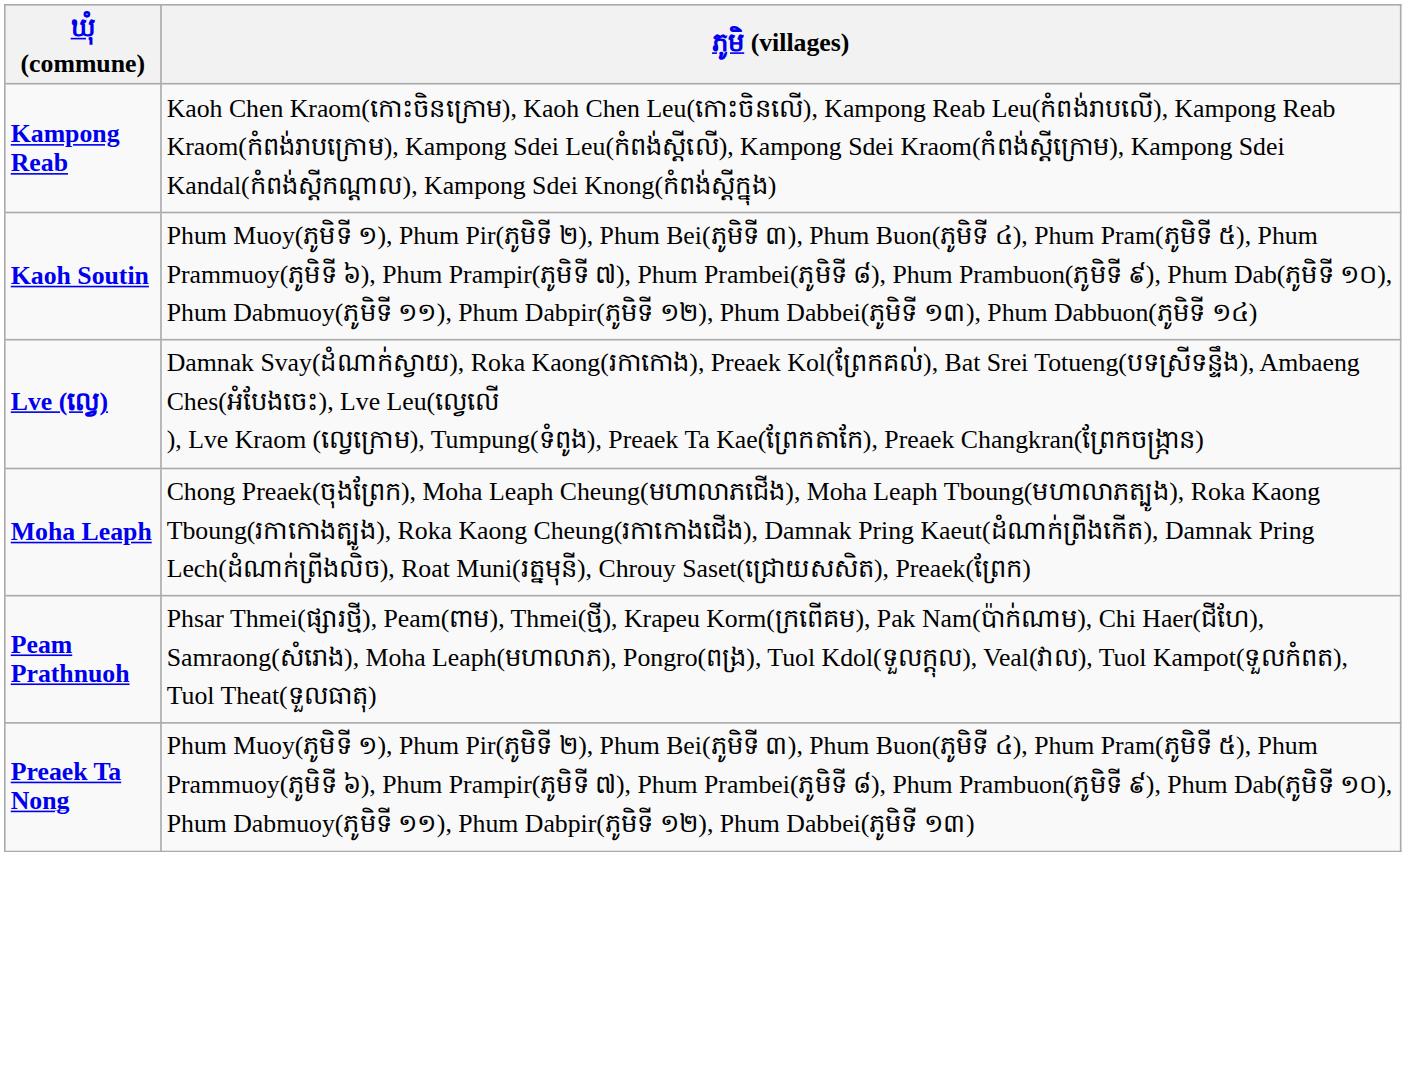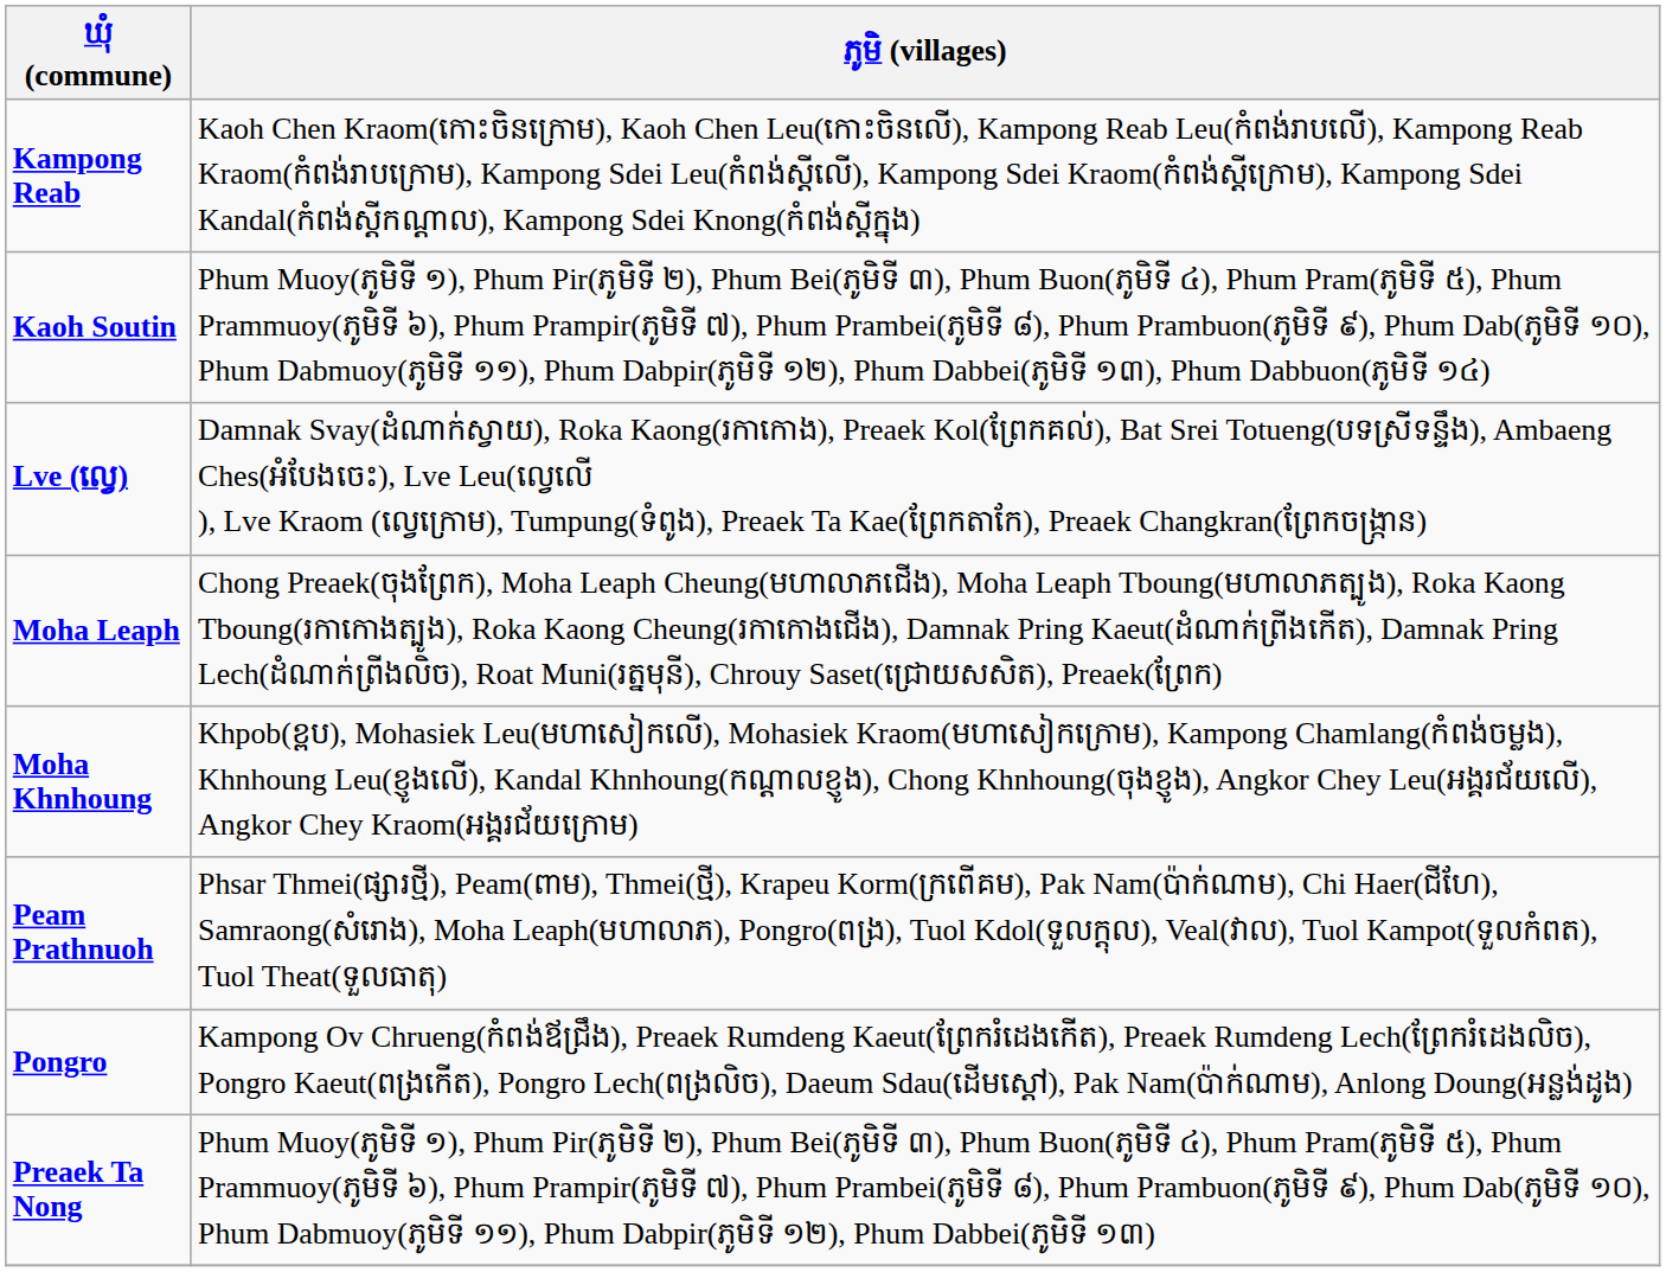 <table class="wikitable">
 <tr>
 <th><a href='#'>ឃុំ</a> (commune)</th>
 <th><a href='#'>ភូមិ</a> (villages)</th>
 </tr>
 <tr>
 <td><strong><a href='#'>Kampong Reab</a></strong></td>
 <td>Kaoh Chen Kraom(កោះចិនក្រោម), Kaoh Chen Leu(កោះចិនលើ), Kampong Reab Leu(កំពង់រាបលើ), Kampong Reab Kraom(កំពង់រាបក្រោម), Kampong Sdei Leu(កំពង់ស្ដីលើ), Kampong Sdei Kraom(កំពង់ស្ដីក្រោម), Kampong Sdei Kandal(កំពង់ស្ដីកណ្ដាល), Kampong Sdei Knong(កំពង់ស្ដីក្នុង)</td>
 </tr>
 <tr>
 <td><strong><a href='#'>Kaoh Soutin</a></strong></td>
 <td>Phum Muoy(ភូមិទី ១), Phum Pir(ភូមិទី ២), Phum Bei(ភូមិទី ៣), Phum Buon(ភូមិទី ៤), Phum Pram(ភូមិទី ៥), Phum Prammuoy(ភូមិទី ៦), Phum Prampir(ភូមិទី ៧), Phum Prambei(ភូមិទី ៨), Phum Prambuon(ភូមិទី ៩), Phum Dab(ភូមិទី ១០), Phum Dabmuoy(ភូមិទី ១១), Phum Dabpir(ភូមិទី ១២), Phum Dabbei(ភូមិទី ១៣), Phum Dabbuon(ភូមិទី ១៤)</td>
 </tr>
 <tr>
 <td><strong><a href='#'>Lve (ល្វេ)</a></strong></td>
 <td>Damnak Svay(ដំណាក់ស្វាយ), Roka Kaong(រកាកោង), Preaek Kol(ព្រែកគល់), Bat Srei Totueng(បទស្រីទន្ទឹង), Ambaeng Ches(អំបែងចេះ), Lve Leu(ល្វេលើ<br>), Lve Kraom (ល្វេក្រោម), Tumpung(ទំពូង), Preaek Ta Kae(ព្រែកតាកែ), Preaek Changkran(ព្រែកចង្ក្រាន)</td>
 </tr>
 <tr>
 <td><strong><a href='#'>Moha Leaph</a></strong></td>
 <td>Chong Preaek(ចុងព្រែក), Moha Leaph Cheung(មហាលាភជើង), Moha Leaph Tboung(មហាលាភត្បូង), Roka Kaong Tboung(រកាកោងត្បូង), Roka Kaong Cheung(រកាកោងជើង), Damnak Pring Kaeut(ដំណាក់ព្រីងកើត), Damnak Pring Lech(ដំណាក់ព្រីងលិច), Roat Muni(រត្នមុនី), Chrouy Saset(ជ្រោយសសិត), Preaek(ព្រែក)</td>
 </tr>
 <tr>
+<td><strong><a href='#'>Moha Khnhoung</a></strong></td>
+<td>Khpob(ខ្ពប), Mohasiek Leu(មហាសៀកលើ), Mohasiek Kraom(មហាសៀកក្រោម), Kampong Chamlang(កំពង់ចម្លង), Khnhoung Leu(ខ្ញូងលើ), Kandal Khnhoung(កណ្ដាលខ្ញូង), Chong Khnhoung(ចុងខ្ញូង), Angkor Chey Leu(អង្គរជ័យលើ), Angkor Chey Kraom(អង្គរជ័យក្រោម)</td>
+</tr>
+<tr>
 <td><strong><a href='#'>Peam Prathnuoh</a></strong></td>
 <td>Phsar Thmei(ផ្សារថ្មី), Peam(ពាម), Thmei(ថ្មី), Krapeu Korm(ក្រពើគម), Pak Nam(ប៉ាក់ណាម), Chi Haer(ជីហែ), Samraong(សំរោង), Moha Leaph(មហាលាភ), Pongro(ពង្រ), Tuol Kdol(ទួលក្ដុល), Veal(វាល), Tuol Kampot(ទួលកំពត), Tuol Theat(ទួលធាតុ)</td>
+</tr>
+<tr>
+<td><strong><a href='#'>Pongro</a></strong></td>
+<td>Kampong Ov Chrueng(កំពង់ឪជ្រឹង), Preaek Rumdeng Kaeut(ព្រែករំដេងកើត), Preaek Rumdeng Lech(ព្រែករំដេងលិច), Pongro Kaeut(ពង្រកើត), Pongro Lech(ពង្រលិច), Daeum Sdau(ដើមស្ដៅ), Pak Nam(ប៉ាក់ណាម), Anlong Doung(អន្លង់ដូង)</td>
 </tr>
 <tr>
 <td><strong><a href='#'>Preaek Ta Nong</a></strong></td>
 <td>Phum Muoy(ភូមិទី ១), Phum Pir(ភូមិទី ២), Phum Bei(ភូមិទី ៣), Phum Buon(ភូមិទី ៤), Phum Pram(ភូមិទី ៥), Phum Prammuoy(ភូមិទី ៦), Phum Prampir(ភូមិទី ៧), Phum Prambei(ភូមិទី ៨), Phum Prambuon(ភូមិទី ៩), Phum Dab(ភូមិទី ១០), Phum Dabmuoy(ភូមិទី ១១), Phum Dabpir(ភូមិទី ១២), Phum Dabbei(ភូមិទី ១៣)</td>
 </tr>
 <tr>
 </tr>
 </table>
